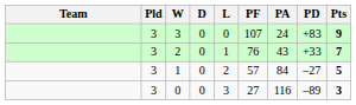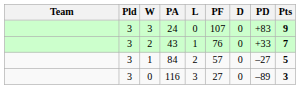 <table class="wikitable" style="text-align:center;">
 <tr>
 <th width=175>Team</th>
 <th width=25 abbr="Played">Pld</th>
 <th width=25 abbr="Won">W</th>
-<th width=25 abbr="Drawn">D</th>
+<th width=32 abbr="Points against">PA</th>
 <th width=25 abbr="Lost">L</th>
 <th width=32 abbr="Points for">PF</th>
-<th width=32 abbr="Points against">PA</th>
+<th width=25 abbr="Drawn">D</th>
 <th width=32 abbr="Points difference">PD</th>
 <th width=25 abbr="Points">Pts</th>
 </tr>
 <tr bgcolor=ccffcc>
 <td align=left></td>
 <td>3</td>
 <td>3</td>
-<td>0</td>
+<td>24</td>
 <td>0</td>
 <td>107</td>
-<td>24</td>
+<td>0</td>
 <td>+83</td>
 <td><strong>9</strong></td>
 </tr>
 <tr bgcolor=ccffcc>
 <td align=left></td>
 <td>3</td>
 <td>2</td>
-<td>0</td>
+<td>43</td>
 <td>1</td>
 <td>76</td>
-<td>43</td>
+<td>0</td>
 <td>+33</td>
 <td><strong>7</strong></td>
 </tr>
 <tr>
 <td align=left></td>
 <td>3</td>
 <td>1</td>
-<td>0</td>
+<td>84</td>
 <td>2</td>
 <td>57</td>
-<td>84</td>
+<td>0</td>
 <td>–27</td>
 <td><strong>5</strong></td>
 </tr>
 <tr>
 <td align=left></td>
 <td>3</td>
 <td>0</td>
-<td>0</td>
+<td>116</td>
 <td>3</td>
 <td>27</td>
-<td>116</td>
+<td>0</td>
 <td>–89</td>
 <td><strong>3</strong></td>
 </tr>
 </table>
